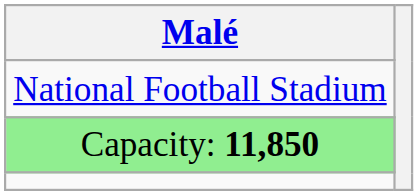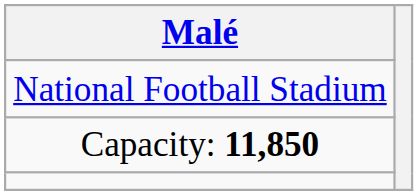 <table class="wikitable" style="text-align:center">
 <tr>
 <th><a href='#'>Malé</a></th>
 <th rowspan=4></th>
 </tr>
 <tr>
 <td><a href='#'>National Football Stadium</a></td>
 </tr>
 <tr>
-<td style="background: lightgreen;">Capacity: <strong>11,850</strong></td>
+<td>Capacity: <strong>11,850</strong></td>
 </tr>
 <tr>
 <td></td>
 </tr>
 </table>
